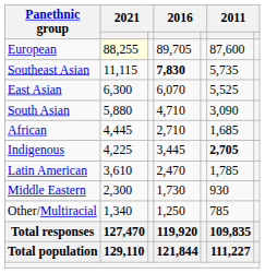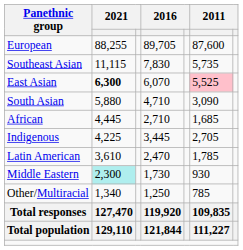 <table class="wikitable collapsible sortable">
 <tr>
 <th rowspan="2"><a href='#'>Panethnic</a><br>group</th>
 <th colspan="2">2021</th>
 <th colspan="2">2016</th>
 <th colspan="2">2011</th>
 </tr>
 <tr>
 <th><a href='#'></a></th>
 <th></th>
 <th></th>
 <th></th>
 <th></th>
 <th></th>
 </tr>
 <tr>
 <td><a href='#'>European</a></td>
-<td style="background: lightyellow;">88,255</td>
+<td>88,255</td>
 <td></td>
 <td>89,705</td>
 <td></td>
 <td>87,600</td>
 <td></td>
 </tr>
 <tr>
 <td><a href='#'>Southeast Asian</a></td>
 <td>11,115</td>
 <td></td>
-<td><strong>7,830</strong></td>
+<td>7,830</td>
 <td></td>
 <td>5,735</td>
 <td></td>
 </tr>
 <tr>
 <td><a href='#'>East Asian</a></td>
-<td>6,300</td>
+<td><strong>6,300</strong></td>
 <td></td>
 <td>6,070</td>
 <td></td>
-<td>5,525</td>
+<td style="background: pink;">5,525</td>
 <td></td>
 </tr>
 <tr>
 <td><a href='#'>South Asian</a></td>
 <td>5,880</td>
 <td></td>
 <td>4,710</td>
 <td></td>
 <td>3,090</td>
 <td></td>
 </tr>
 <tr>
 <td><a href='#'>African</a></td>
 <td>4,445</td>
 <td></td>
 <td>2,710</td>
 <td></td>
 <td>1,685</td>
 <td></td>
 </tr>
 <tr>
 <td><a href='#'>Indigenous</a></td>
 <td>4,225</td>
 <td></td>
 <td>3,445</td>
 <td></td>
-<td><strong>2,705</strong></td>
+<td>2,705</td>
 <td></td>
 </tr>
 <tr>
 <td><a href='#'>Latin American</a></td>
 <td>3,610</td>
 <td></td>
 <td>2,470</td>
 <td></td>
 <td>1,785</td>
 <td></td>
 </tr>
 <tr>
 <td><a href='#'>Middle Eastern</a></td>
-<td>2,300</td>
+<td style="background: paleturquoise;">2,300</td>
 <td></td>
 <td>1,730</td>
 <td></td>
 <td>930</td>
 <td></td>
 </tr>
 <tr>
 <td>Other/<a href='#'>Multiracial</a></td>
 <td>1,340</td>
 <td></td>
 <td>1,250</td>
 <td></td>
 <td>785</td>
 <td></td>
 </tr>
 <tr>
 <th>Total responses</th>
 <th>127,470</th>
 <th></th>
 <th>119,920</th>
 <th></th>
 <th>109,835</th>
 <th></th>
 </tr>
 <tr>
 <th>Total population</th>
 <th>129,110</th>
 <th></th>
 <th>121,844</th>
 <th></th>
 <th>111,227</th>
 <th></th>
 </tr>
 <tr class="sortbottom">
 <td colspan="15"></td>
 </tr>
 </table>
